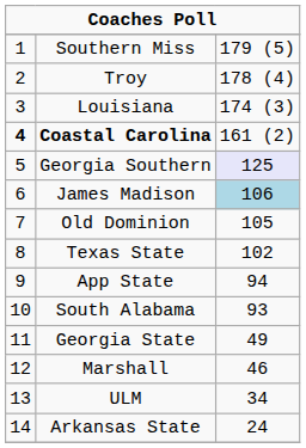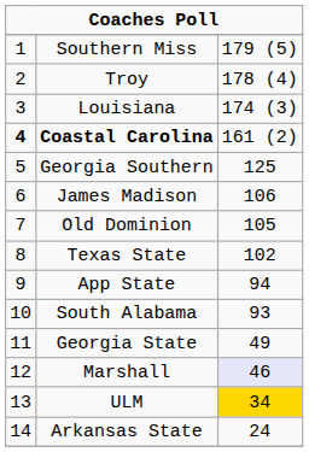 <table class="wikitable">
 <tr align="center">
 <td align="center" Colspan="3"><strong>Coaches Poll</strong></td>
 </tr>
 <tr align="center">
 </tr>
 <tr align="center">
 <td>1</td>
 <td>Southern Miss</td>
 <td>179 (5)</td>
 </tr>
 <tr align="center">
 <td>2</td>
 <td>Troy</td>
 <td>178 (4)</td>
 </tr>
 <tr align="center">
 <td>3</td>
 <td>Louisiana</td>
 <td>174 (3)</td>
 </tr>
 <tr align="center">
 <td><strong>4</strong></td>
 <td><strong>Coastal Carolina</strong></td>
 <td>161 (2)</td>
 </tr>
 <tr align="center">
 <td>5</td>
 <td>Georgia Southern</td>
-<td style="background: lavender;">125</td>
+<td>125</td>
 </tr>
 <tr align="center">
 <td>6</td>
 <td>James Madison</td>
-<td style="background: lightblue;">106</td>
+<td>106</td>
 </tr>
 <tr align="center">
 <td>7</td>
 <td>Old Dominion</td>
 <td>105</td>
 </tr>
 <tr align="center">
 <td>8</td>
 <td>Texas State</td>
 <td>102</td>
 </tr>
 <tr align="center">
 <td>9</td>
 <td>App State</td>
 <td>94</td>
 </tr>
 <tr align="center">
 <td>10</td>
 <td>South Alabama</td>
 <td>93</td>
 </tr>
 <tr align="center">
 <td>11</td>
 <td>Georgia State</td>
 <td>49</td>
 </tr>
 <tr align="center">
 <td>12</td>
 <td>Marshall</td>
-<td>46</td>
+<td style="background: lavender;">46</td>
 </tr>
 <tr align="center">
 <td>13</td>
 <td>ULM</td>
-<td>34</td>
+<td style="background: gold;">34</td>
 </tr>
 <tr align="center">
 <td>14</td>
 <td>Arkansas State</td>
 <td>24</td>
 </tr>
 <tr align="center">
 </tr>
 </table>
